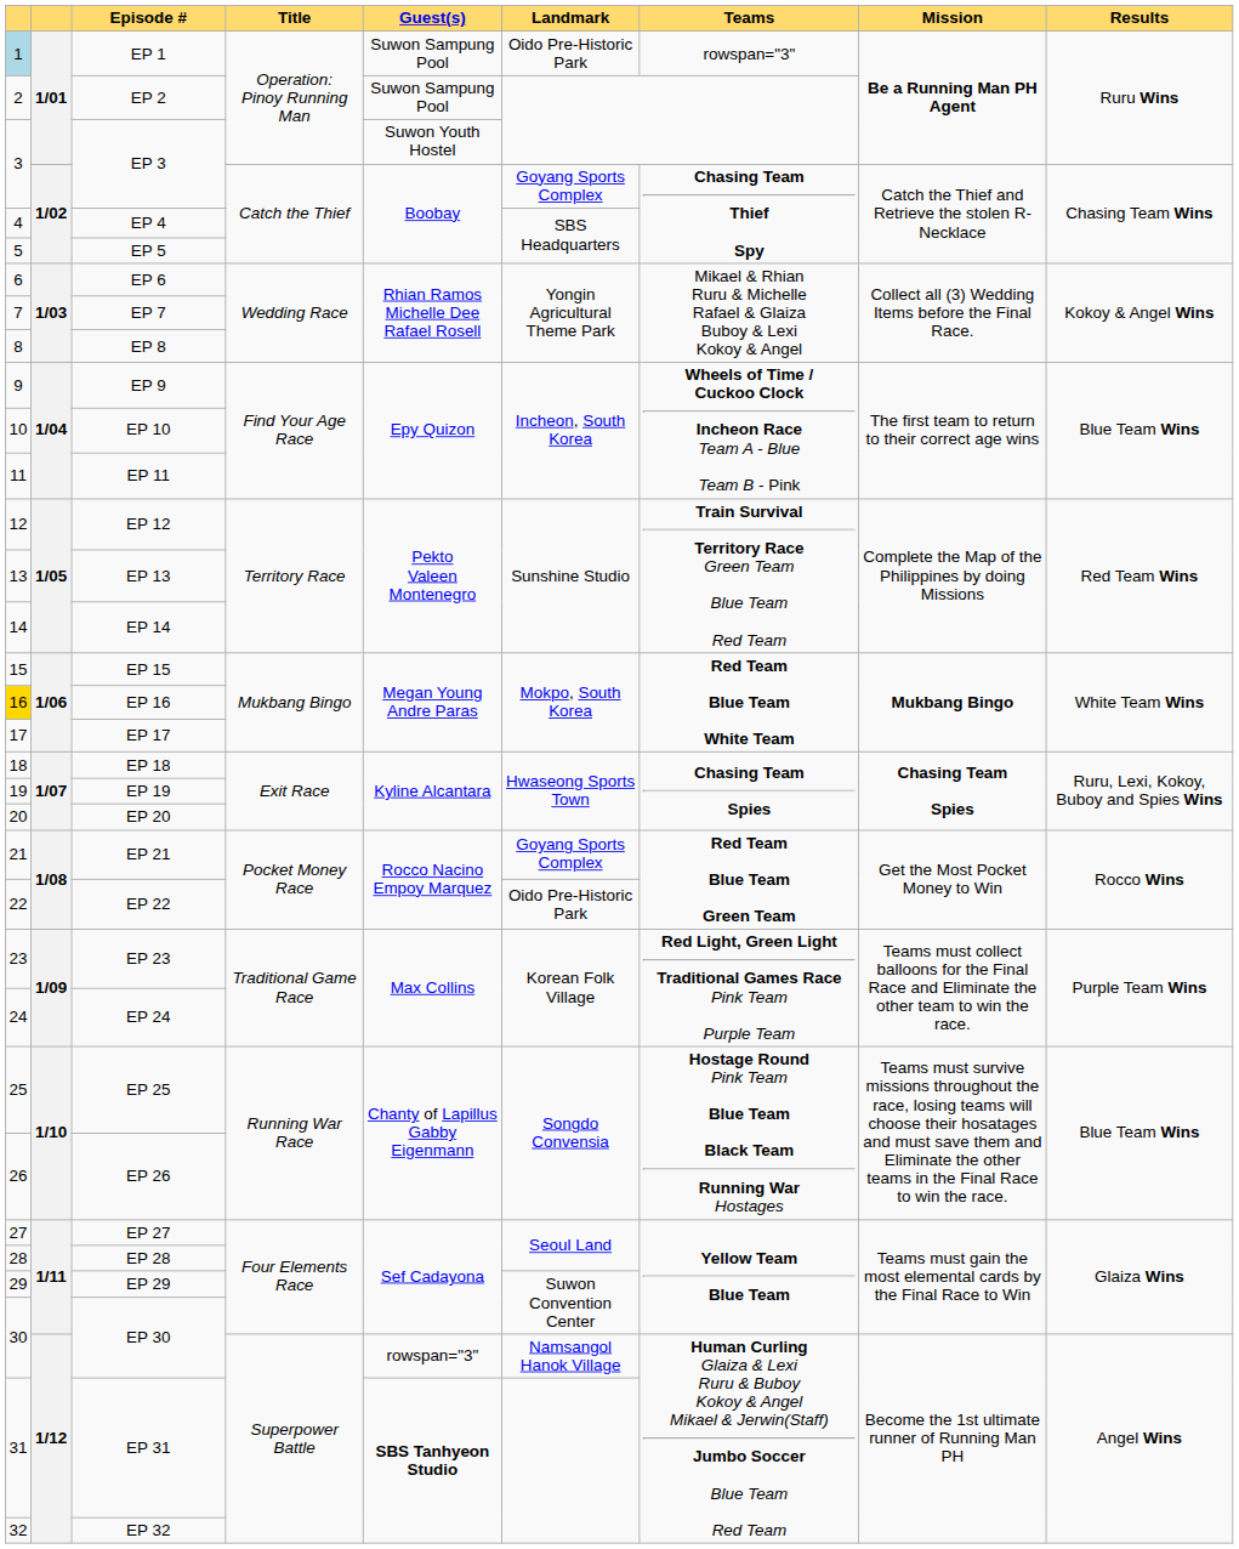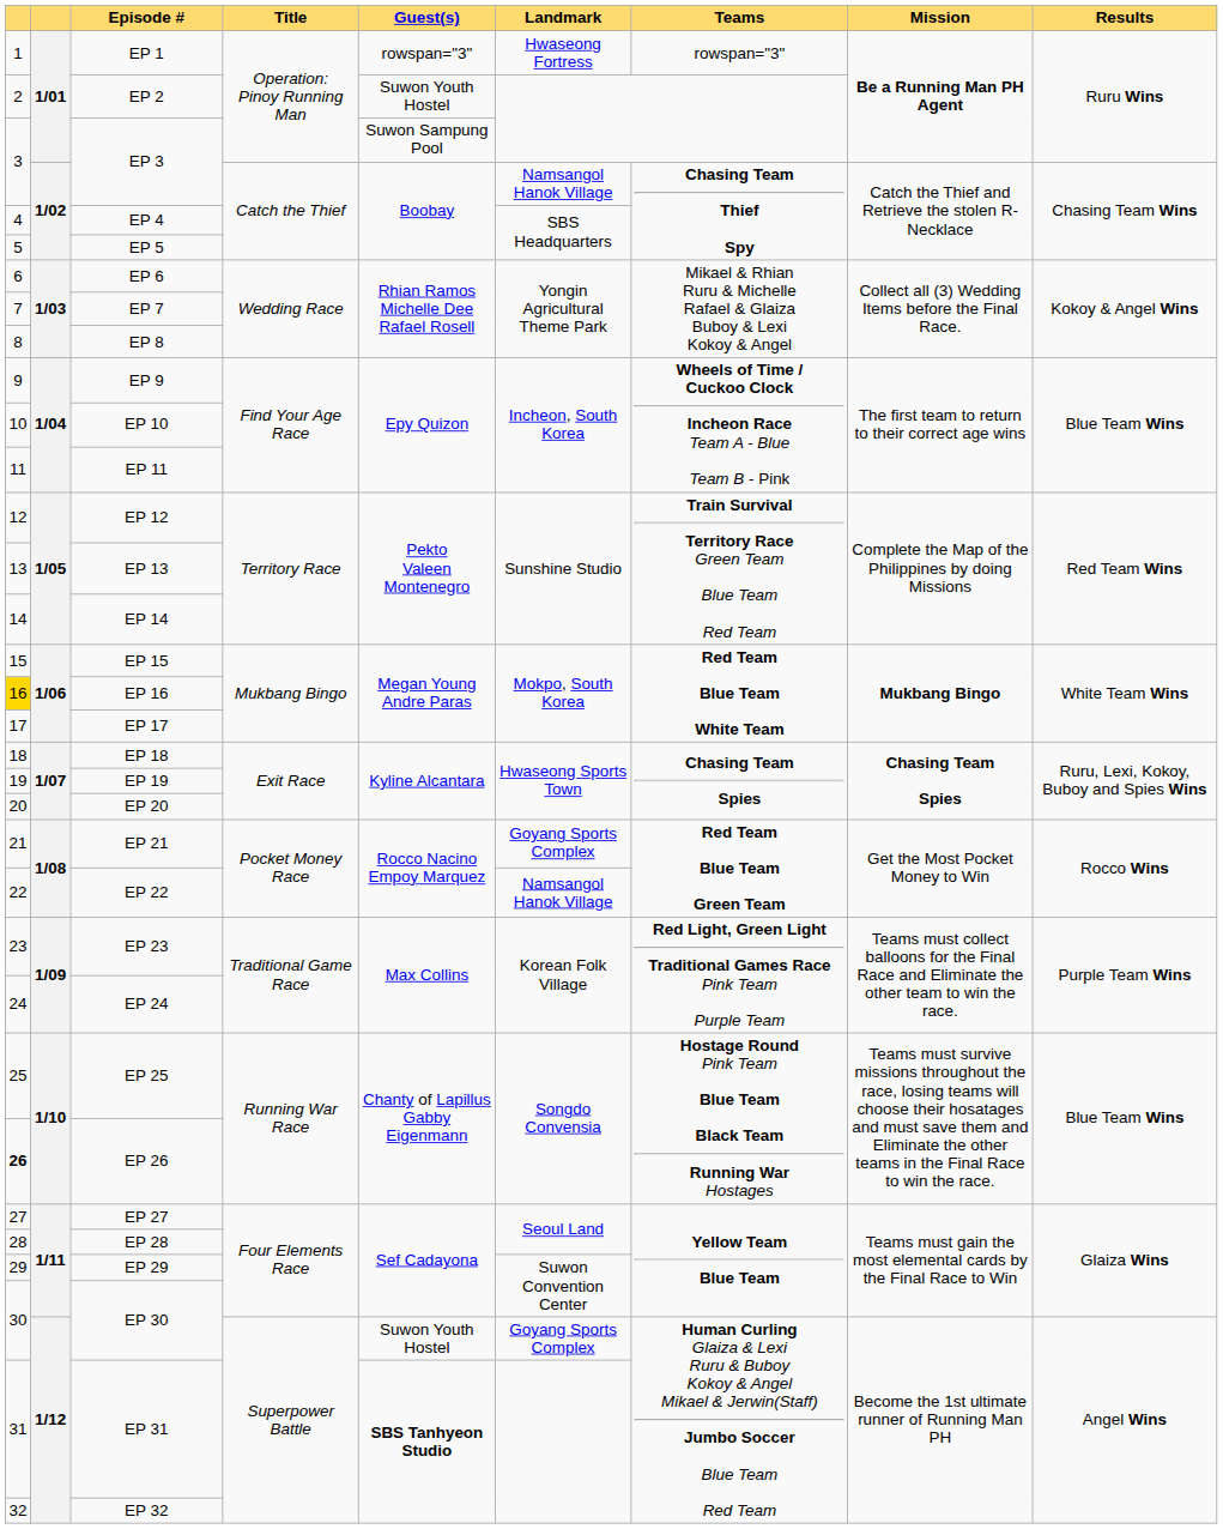 <table class="wikitable" style="text-align:center;">
 <tr>
 <th style="background:#FFDA6F; width:1em"></th>
 <th style="background:#FFDA6F; width:2em"></th>
 <th style="background:#FFDA6F; width:9em">Episode #<br></th>
 <th style="background:#FFDA6F; width:8em">Title</th>
 <th style="background:#FFDA6F; width:8em"><a href='#'>Guest(s)</a></th>
 <th style="background:#FFDA6F; width:8em">Landmark</th>
 <th style="background:#FFDA6F; width:13em">Teams</th>
 <th style="background:#FFDA6F; width:11em">Mission</th>
 <th style="background:#FFDA6F; width:11em">Results</th>
 </tr>
 <tr>
-<td scope="col" style="background: lightblue;">1<br></td>
+<td scope="col">1<br></td>
 <th rowspan="3">1/01</th>
 <td>EP 1<br></td>
 <td rowspan="3"><em>Operation:<br>Pinoy Running Man</em></td>
-<td>Suwon Sampung Pool<br></td>
-<td>Oido Pre-Historic Park<br></td>
+<td>rowspan="3" </td>
+<td><a href='#'>Hwaseong Fortress</a><br></td>
 <td>rowspan="3" </td>
 <td rowspan="3"><strong>Be a Running Man PH Agent</strong><br></td>
 <td rowspan="3">Ruru <strong>Wins</strong><br></td>
 </tr>
 <tr>
 <td scope="col">2<br></td>
 <td>EP 2<br></td>
-<td>Suwon Sampung Pool<br></td>
+<td>Suwon Youth Hostel<br></td>
 </tr>
 <tr>
 <td rowspan="2">3<br></td>
 <td rowspan="2">EP 3<br></td>
-<td>Suwon Youth Hostel<br></td>
+<td>Suwon Sampung Pool<br></td>
 </tr>
 <tr>
 <th rowspan="3">1/02</th>
 <td rowspan="3"><em>Catch the Thief</em></td>
 <td rowspan="3"><a href='#'>Boobay</a></td>
-<td><a href='#'>Goyang Sports Complex</a><br></td>
+<td><a href='#'>Namsangol Hanok Village</a><br></td>
 <td rowspan="3"><strong>Chasing Team</strong><br><hr><strong>Thief</strong><br><br><strong>Spy</strong><br></td>
 <td rowspan="3">Catch the Thief and Retrieve the stolen R-Necklace</td>
 <td rowspan="3">Chasing Team <strong>Wins</strong><br></td>
 </tr>
 <tr>
 <td scope="col">4<br></td>
 <td>EP 4<br></td>
 <td rowspan="2">SBS Headquarters<br></td>
 </tr>
 <tr>
 <td scope="col">5<br></td>
 <td>EP 5<br></td>
 </tr>
 <tr>
 <td scope="col">6<br></td>
 <th rowspan="3">1/03</th>
 <td>EP 6<br></td>
 <td rowspan="3"><em>Wedding Race</em></td>
 <td rowspan="3"><a href='#'>Rhian Ramos</a><br><a href='#'>Michelle Dee</a><br><a href='#'>Rafael Rosell</a></td>
 <td rowspan="3">Yongin Agricultural Theme Park<br></td>
 <td rowspan="3">Mikael & Rhian<br>Ruru & Michelle<br>Rafael & Glaiza<br>Buboy & Lexi<br>Kokoy & Angel</td>
 <td rowspan="3">Collect all (3) Wedding Items before the Final Race.</td>
 <td rowspan="3">Kokoy & Angel <strong>Wins</strong><br></td>
 </tr>
 <tr>
 <td scope="col">7</td>
 <td>EP 7<br></td>
 </tr>
 <tr>
 <td scope="col">8</td>
 <td>EP 8<br></td>
 </tr>
 <tr>
 <td scope="col">9</td>
 <th rowspan="3">1/04</th>
 <td>EP 9<br></td>
 <td rowspan="3"><em>Find Your Age Race</em></td>
 <td rowspan="3"><a href='#'>Epy Quizon</a></td>
 <td rowspan="3"><a href='#'>Incheon</a>, <a href='#'>South Korea</a></td>
 <td rowspan="3"><strong>Wheels of Time /<br>Cuckoo Clock</strong><br><hr><strong>Incheon Race</strong><br> <em>Team A - Blue</em><br><br><em>Team B</em> - Pink<br></td>
 <td rowspan="3">The first team to return to their correct age wins</td>
 <td rowspan="3">Blue Team <strong>Wins</strong><br></td>
 </tr>
 <tr>
 <td scope="col">10</td>
 <td>EP 10<br></td>
 </tr>
 <tr>
 <td scope="col">11</td>
 <td>EP 11<br></td>
 </tr>
 <tr>
 <td scope="col">12</td>
 <th rowspan="3">1/05</th>
 <td>EP 12<br></td>
 <td rowspan="3"><em>Territory Race</em></td>
 <td rowspan="3"><a href='#'>Pekto</a><br><a href='#'>Valeen Montenegro</a></td>
 <td rowspan="3">Sunshine Studio<br></td>
 <td rowspan="3" style="width:12.5em"><strong>Train Survival</strong><br><hr><strong>Territory Race</strong><br><em>Green Team</em><br><br><em>Blue Team</em><br><br><em>Red Team</em><br></td>
 <td rowspan="3">Complete the Map of the Philippines by doing Missions</td>
 <td rowspan="3">Red Team <strong>Wins</strong><br></td>
 </tr>
 <tr>
 <td scope="col">13</td>
 <td>EP 13<br></td>
 </tr>
 <tr>
 <td scope="col">14</td>
 <td>EP 14<br></td>
 </tr>
 <tr>
 <td scope="col">15</td>
 <th rowspan="3">1/06</th>
 <td>EP 15<br></td>
 <td rowspan="3"><em>Mukbang Bingo</em></td>
 <td rowspan="3"><a href='#'>Megan Young</a><br><a href='#'>Andre Paras</a></td>
 <td rowspan="3"><a href='#'>Mokpo</a>, <a href='#'>South Korea</a></td>
 <td rowspan="3"><strong>Red Team</strong><br><br><strong>Blue Team</strong><br><br><strong>White Team</strong><br></td>
 <td rowspan="3"><strong>Mukbang Bingo</strong><br></td>
 <td rowspan="3">White Team <strong>Wins</strong><br></td>
 </tr>
 <tr>
 <td scope="col" style="background: gold;">16</td>
 <td>EP 16<br></td>
 </tr>
 <tr>
 <td scope="col">17</td>
 <td>EP 17<br></td>
 </tr>
 <tr>
 <td scope="col">18</td>
 <th rowspan="3">1/07</th>
 <td>EP 18<br></td>
 <td rowspan="3"><em>Exit Race</em></td>
 <td rowspan="3"><a href='#'>Kyline Alcantara</a></td>
 <td rowspan="3"><a href='#'>Hwaseong Sports Town</a><br></td>
 <td rowspan="3"><strong>Chasing Team</strong><br><hr><strong>Spies</strong><br></td>
 <td rowspan="3"><strong>Chasing Team</strong><br><br><strong>Spies</strong><br></td>
 <td rowspan="3">Ruru, Lexi, Kokoy, Buboy and Spies <strong>Wins</strong><br></td>
 </tr>
 <tr>
 <td scope="col">19</td>
 <td>EP 19<br></td>
 </tr>
 <tr>
 <td scope="col">20</td>
 <td>EP 20<br></td>
 </tr>
 <tr>
 <td scope="col">21</td>
 <th rowspan="2">1/08</th>
 <td>EP 21<br></td>
 <td rowspan="2"><em>Pocket Money Race</em></td>
 <td rowspan="2"><a href='#'>Rocco Nacino</a> <br> <a href='#'>Empoy Marquez</a></td>
 <td><a href='#'>Goyang Sports Complex</a><br></td>
 <td rowspan="2"><strong>Red Team</strong><br><br><strong>Blue Team</strong><br><br><strong>Green Team</strong><br></td>
 <td rowspan="2">Get the Most Pocket Money to Win</td>
 <td rowspan="2">Rocco <strong>Wins</strong><br></td>
 </tr>
 <tr>
 <td scope="col">22</td>
 <td>EP 22<br></td>
-<td>Oido Pre-Historic Park<br></td>
+<td><a href='#'>Namsangol Hanok Village</a><br></td>
 </tr>
 <tr>
 <td scope="col">23</td>
 <th rowspan="2">1/09</th>
 <td>EP 23<br></td>
 <td rowspan="2"><em>Traditional Game Race</em></td>
 <td rowspan="2"><a href='#'>Max Collins</a></td>
 <td rowspan="2">Korean Folk Village<br></td>
 <td rowspan="2"><strong>Red Light, Green Light</strong><br><hr><strong>Traditional Games Race</strong><br><em>Pink Team</em><br><br><em>Purple Team</em><br></td>
 <td rowspan="2">Teams must collect balloons for the Final Race and Eliminate the other team to win the race.</td>
 <td rowspan="2">Purple Team <strong>Wins</strong><br></td>
 </tr>
 <tr>
 <td scope="col">24</td>
 <td>EP 24<br></td>
 </tr>
 <tr>
 <td scope="col">25</td>
 <th rowspan="2">1/10</th>
 <td>EP 25<br></td>
 <td rowspan="2"><em>Running War Race</em></td>
 <td rowspan="2"><a href='#'>Chanty</a> of <a href='#'>Lapillus</a><br><a href='#'>Gabby Eigenmann</a></td>
 <td rowspan="2"><a href='#'>Songdo Convensia</a><br></td>
 <td rowspan="2"><strong>Hostage Round</strong><br><em>Pink Team</em><br><br><strong>Blue Team</strong><br><br><strong>Black Team</strong><br><hr><strong>Running War</strong><br><em>Hostages</em><br></td>
 <td rowspan="2">Teams must survive missions throughout the race, losing teams will choose their hosatages and must save them and Eliminate the other teams in the Final Race to win the race.</td>
 <td rowspan="2">Blue Team <strong>Wins</strong><br></td>
 </tr>
 <tr>
-<td scope="col">26</td>
+<td scope="col"><strong>26</strong></td>
 <td>EP 26<br></td>
 </tr>
 <tr>
 <td scope="col">27</td>
 <th rowspan="4">1/11</th>
 <td>EP 27<br></td>
 <td rowspan="4"><em>Four Elements Race</em></td>
 <td rowspan="4"><a href='#'>Sef Cadayona</a></td>
 <td rowspan="2"><a href='#'>Seoul Land</a><br></td>
 <td rowspan="4"><strong>Yellow Team</strong><br><hr><strong>Blue Team</strong><br></td>
 <td rowspan="4">Teams must gain the most elemental cards by the Final Race to Win</td>
 <td rowspan="4">Glaiza <strong>Wins</strong><br></td>
 </tr>
 <tr>
 <td scope="col">28</td>
 <td>EP 28<br></td>
 </tr>
 <tr>
 <td scope="col">29</td>
 <td>EP 29<br></td>
 <td rowspan="2">Suwon Convention Center<br></td>
 </tr>
 <tr>
 <td rowspan="2">30</td>
 <td rowspan="2">EP 30<br></td>
 </tr>
 <tr>
 <th rowspan="4">1/12</th>
 <td rowspan="3"><em>Superpower Battle</em></td>
-<td>rowspan="3" </td>
-<td><a href='#'>Namsangol Hanok Village</a><br></td>
+<td>Suwon Youth Hostel<br></td>
+<td><a href='#'>Goyang Sports Complex</a><br></td>
 <td rowspan="3"><strong>Human Curling</strong><br><em>Glaiza & Lexi</em><br><em>Ruru & Buboy</em><br><em>Kokoy & Angel</em><br><em>Mikael & Jerwin(Staff)</em><hr><strong>Jumbo Soccer</strong><br><br><em>Blue Team</em><br><br><em>Red Team</em></td>
 <td rowspan="3">Become the 1st ultimate runner of Running Man PH</td>
 <td rowspan="3">Angel <strong>Wins</strong><br></td>
 </tr>
 <tr>
 <td scope="col">31</td>
 <td>EP 31<br></td>
 <td rowspan="2"><strong>SBS Tanhyeon Studio</strong><br></td>
 </tr>
 <tr>
 <td scope="col">32</td>
 <td>EP 32<br></td>
 </tr>
 </table>
